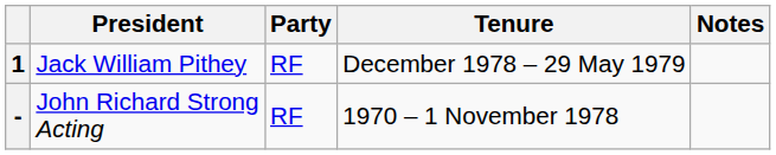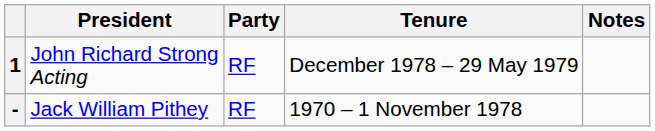 <table class="wikitable">
 <tr>
 <th></th>
 <th>President</th>
 <th>Party</th>
 <th>Tenure</th>
 <th>Notes</th>
 </tr>
 <tr>
 <th style="background:">1</th>
-<td><a href='#'>Jack William Pithey</a></td>
+<td><a href='#'>John Richard Strong</a><br><em>Acting</em></td>
 <td><a href='#'>RF</a></td>
 <td>December 1978 – 29 May 1979</td>
 <td></td>
 </tr>
 <tr>
 <th style="background:">-</th>
-<td><a href='#'>John Richard Strong</a><br><em>Acting</em></td>
+<td><a href='#'>Jack William Pithey</a></td>
 <td><a href='#'>RF</a></td>
 <td>1970 – 1 November 1978</td>
 <td></td>
 </tr>
 </table>
